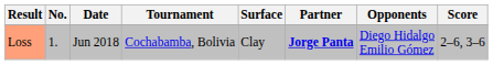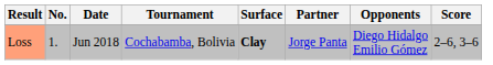 <table class=wikitable style=font-size:100%>
 <tr>
 <th>Result</th>
 <th>No.</th>
 <th>Date</th>
 <th>Tournament</th>
 <th>Surface</th>
 <th>Partner</th>
 <th>Opponents</th>
 <th>Score</th>
 </tr>
 <tr>
 </tr>
 <tr bgcolor=silver>
 <td bgcolor=#ffa07a>Loss</td>
 <td>1.</td>
 <td>Jun 2018</td>
 <td><a href='#'>Cochabamba</a>, Bolivia</td>
-<td>Clay</td>
-<td><strong> <a href='#'>Jorge Panta</a></strong></td>
+<td><strong>Clay</strong></td>
+<td> <a href='#'>Jorge Panta</a></td>
 <td> <a href='#'>Diego Hidalgo</a><br> <a href='#'>Emilio Gómez</a></td>
 <td>2–6, 3–6</td>
 </tr>
 </table>
